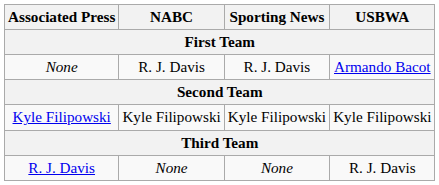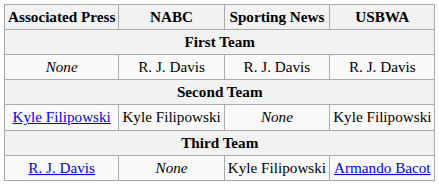 <table class="wikitable" style="font-size: 95%; text-align:center;">
 <tr>
 <th>Associated Press</th>
 <th>NABC</th>
 <th>Sporting News</th>
 <th>USBWA</th>
 </tr>
 <tr>
 <th colspan=4>First Team</th>
 </tr>
 <tr>
 <td><em>None</em></td>
 <td>R. J. Davis</td>
 <td>R. J. Davis</td>
-<td><a href='#'>Armando Bacot</a></td>
+<td>R. J. Davis</td>
 </tr>
 <tr>
 <th colspan=4>Second Team</th>
 </tr>
 <tr>
 <td><a href='#'>Kyle Filipowski</a></td>
 <td>Kyle Filipowski</td>
-<td>Kyle Filipowski</td>
+<td><em>None</em></td>
 <td>Kyle Filipowski</td>
 </tr>
 <tr>
 <th colspan=4>Third Team</th>
 </tr>
 <tr>
 <td><a href='#'>R. J. Davis</a></td>
 <td><em>None</em></td>
-<td><em>None</em></td>
-<td>R. J. Davis</td>
+<td>Kyle Filipowski</td>
+<td><a href='#'>Armando Bacot</a></td>
 </tr>
 </table>
